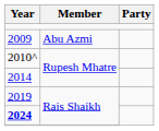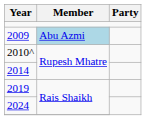 <table class="wikitable">
 <tr>
 <th>Year</th>
 <th>Member</th>
 <th colspan="2">Party</th>
 </tr>
 <tr>
 <td colspan="4"></td>
 </tr>
 <tr>
 <td><a href='#'>2009</a></td>
-<td><a href='#'>Abu Azmi</a></td>
+<td style="background: lightblue;"><a href='#'>Abu Azmi</a></td>
 <td></td>
 </tr>
 <tr>
 <td>2010^</td>
 <td rowspan="2"><a href='#'>Rupesh Mhatre</a></td>
 <td></td>
 </tr>
 <tr>
 <td><a href='#'>2014</a></td>
 </tr>
 <tr>
 <td><a href='#'>2019</a></td>
 <td rowspan="2"><a href='#'>Rais Shaikh</a></td>
 <td></td>
 </tr>
 <tr>
-<td><strong><a href='#'>2024</a></strong></td>
+<td><a href='#'>2024</a></td>
 </tr>
 <tr>
 </tr>
 </table>
